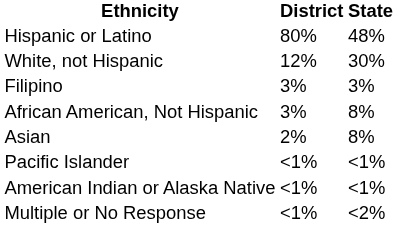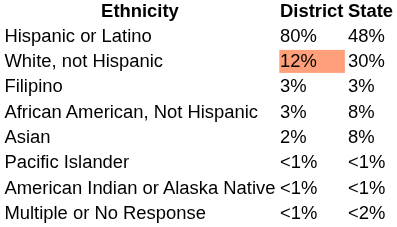 <table>
 <tr>
 <th>Ethnicity</th>
 <th>District</th>
 <th>State</th>
 <th></th>
 </tr>
 <tr>
 <td>Hispanic or Latino</td>
 <td>80%</td>
 <td>48%</td>
 </tr>
 <tr>
 <td>White, not Hispanic</td>
-<td>12%</td>
+<td style="background: lightsalmon;">12%</td>
 <td>30%</td>
 </tr>
 <tr>
 <td>Filipino</td>
 <td>3%</td>
 <td>3%</td>
 </tr>
 <tr>
 <td>African American, Not Hispanic</td>
 <td>3%</td>
 <td>8%</td>
 </tr>
 <tr>
 <td>Asian</td>
 <td>2%</td>
 <td>8%</td>
 </tr>
 <tr>
 <td>Pacific Islander</td>
 <td><1%</td>
 <td><1%</td>
 </tr>
 <tr>
 <td>American Indian or Alaska Native</td>
 <td><1%</td>
 <td><1%</td>
 </tr>
 <tr>
 <td>Multiple or No Response</td>
 <td><1%</td>
 <td><2%</td>
 </tr>
 <tr>
 </tr>
 </table>
